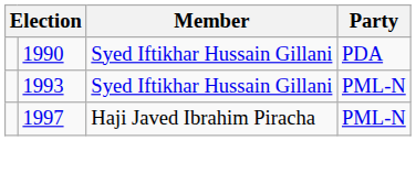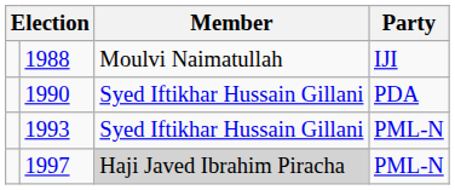 <table class="wikitable">
 <tr>
 <th colspan="2">Election</th>
 <th>Member</th>
 <th>Party</th>
+</tr>
+<tr>
+<td style="background-color: "></td>
+<td><a href='#'>1988</a></td>
+<td>Moulvi Naimatullah</td>
+<td><a href='#'>IJI</a></td>
 </tr>
 <tr>
 <td style="background-color: "></td>
 <td><a href='#'>1990</a></td>
 <td><a href='#'>Syed Iftikhar Hussain Gillani</a></td>
 <td><a href='#'>PDA</a></td>
 </tr>
 <tr>
 <td style="background-color: "></td>
 <td><a href='#'>1993</a></td>
 <td><a href='#'>Syed Iftikhar Hussain Gillani</a></td>
 <td><a href='#'>PML-N</a></td>
 </tr>
 <tr>
 <td style="background-color: "></td>
 <td><a href='#'>1997</a></td>
-<td>Haji Javed Ibrahim Piracha</td>
+<td style="background: lightgrey;">Haji Javed Ibrahim Piracha</td>
 <td><a href='#'>PML-N</a></td>
 </tr>
 </table>
